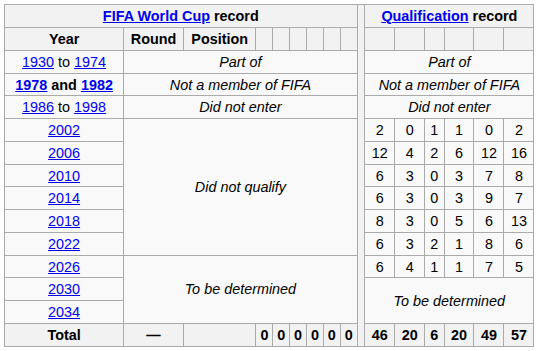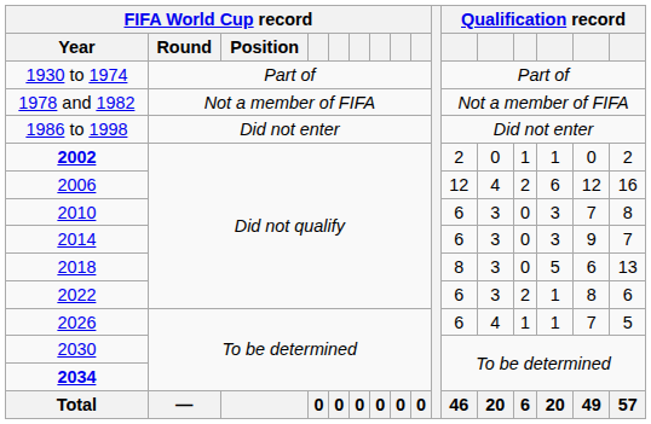 <table class="wikitable" style="width:60%; font-size:90%; text-align:center;">
 <tr>
 <th colspan=9><a href='#'>FIFA World Cup</a> record</th>
 <th rowspan="39"></th>
 <th colspan=7><a href='#'>Qualification</a> record</th>
 </tr>
 <tr>
 <th>Year</th>
 <th>Round</th>
 <th>Position</th>
 <th></th>
 <th></th>
 <th></th>
 <th></th>
 <th></th>
 <th></th>
 <th></th>
 <th></th>
 <th></th>
 <th></th>
 <th></th>
 <th></th>
 </tr>
 <tr>
 <td><a href='#'>1930</a> to <a href='#'>1974</a></td>
 <td colspan=8><em>Part of </em></td>
 <td colspan=6><em>Part of </em></td>
 </tr>
 <tr>
-<td><strong><a href='#'>1978</a> and <a href='#'>1982</a></strong></td>
+<td><a href='#'>1978</a> and <a href='#'>1982</a></td>
 <td colspan=8><em>Not a member of FIFA</em></td>
 <td colspan=6><em>Not a member of FIFA</em></td>
 </tr>
 <tr>
 <td><a href='#'>1986</a> to <a href='#'>1998</a></td>
 <td colspan=8><em>Did not enter</em></td>
 <td colspan=6><em>Did not enter</em></td>
 </tr>
 <tr>
-<td>  <a href='#'>2002</a></td>
+<td><strong>  <a href='#'>2002</a></strong></td>
 <td rowspan=6 colspan=8><em>Did not qualify</em></td>
 <td>2</td>
 <td>0</td>
 <td>1</td>
 <td>1</td>
 <td>0</td>
 <td>2</td>
 </tr>
 <tr>
 <td> <a href='#'>2006</a></td>
 <td>12</td>
 <td>4</td>
 <td>2</td>
 <td>6</td>
 <td>12</td>
 <td>16</td>
 </tr>
 <tr>
 <td> <a href='#'>2010</a></td>
 <td>6</td>
 <td>3</td>
 <td>0</td>
 <td>3</td>
 <td>7</td>
 <td>8</td>
 </tr>
 <tr>
 <td> <a href='#'>2014</a></td>
 <td>6</td>
 <td>3</td>
 <td>0</td>
 <td>3</td>
 <td>9</td>
 <td>7</td>
 </tr>
 <tr>
 <td> <a href='#'>2018</a></td>
 <td>8</td>
 <td>3</td>
 <td>0</td>
 <td>5</td>
 <td>6</td>
 <td>13</td>
 </tr>
 <tr>
 <td> <a href='#'>2022</a></td>
 <td>6</td>
 <td>3</td>
 <td>2</td>
 <td>1</td>
 <td>8</td>
 <td>6</td>
 </tr>
 <tr>
 <td>   <a href='#'>2026</a></td>
 <td colspan=8 rowspan=3><em>To be determined</em></td>
 <td>6</td>
 <td>4</td>
 <td>1</td>
 <td>1</td>
 <td>7</td>
 <td>5</td>
 </tr>
 <tr>
 <td>   <a href='#'>2030</a></td>
 <td colspan=6 rowspan=2><em>To be determined</em></td>
 </tr>
 <tr>
-<td> <a href='#'>2034</a></td>
+<td><strong> <a href='#'>2034</a></strong></td>
 </tr>
 <tr>
 <th>Total</th>
 <th>—</th>
 <th></th>
 <th>0</th>
 <th>0</th>
 <th>0</th>
 <th>0</th>
 <th>0</th>
 <th>0</th>
 <th>46</th>
 <th>20</th>
 <th>6</th>
 <th>20</th>
 <th>49</th>
 <th>57</th>
 </tr>
 </table>
